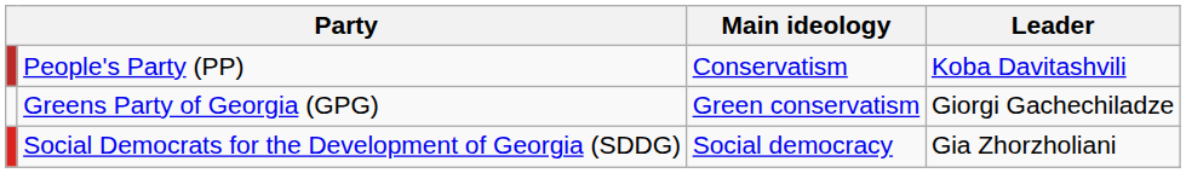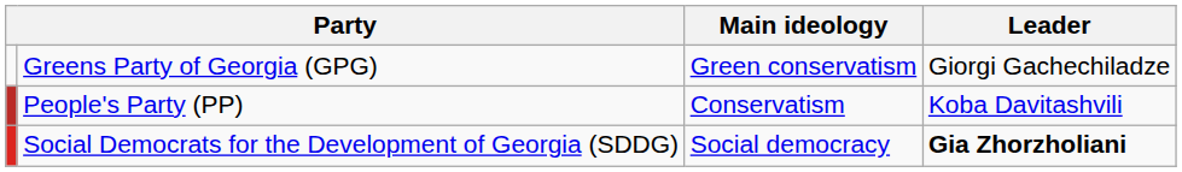 <table class=wikitable style=text-align:left>
 <tr>
 <th colspan=2>Party</th>
 <th>Main ideology</th>
 <th>Leader</th>
+</tr>
+<tr>
+<td></td>
+<td><a href='#'>Greens Party of Georgia</a> (GPG)</td>
+<td><a href='#'>Green conservatism</a></td>
+<td>Giorgi Gachechiladze</td>
 </tr>
 <tr>
 <td style="background:#ba2a27;"></td>
 <td><a href='#'>People's Party</a> (PP)</td>
 <td><a href='#'>Conservatism</a></td>
 <td><a href='#'>Koba Davitashvili</a></td>
 </tr>
 <tr>
-<td></td>
-<td><a href='#'>Greens Party of Georgia</a> (GPG)</td>
-<td><a href='#'>Green conservatism</a></td>
-<td>Giorgi Gachechiladze</td>
-</tr>
-<tr>
 <td style="background:#dc241f;"></td>
 <td><a href='#'>Social Democrats for the Development of Georgia</a> (SDDG)</td>
 <td><a href='#'>Social democracy</a></td>
-<td>Gia Zhorzholiani</td>
+<td><strong>Gia Zhorzholiani</strong></td>
 </tr>
 </table>
